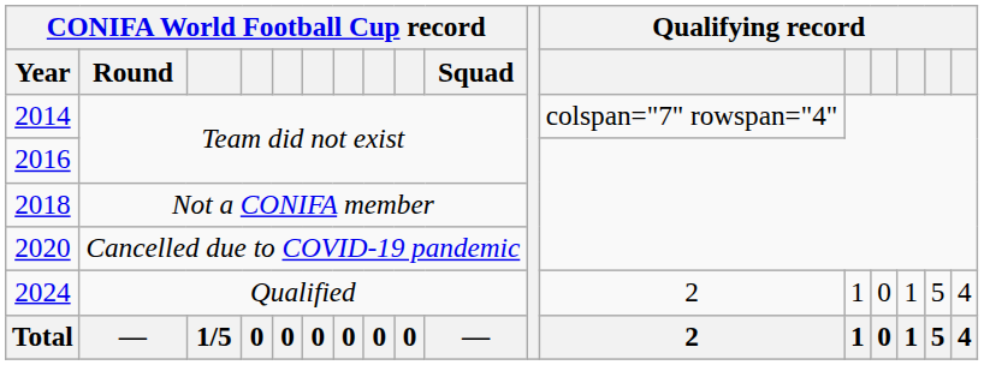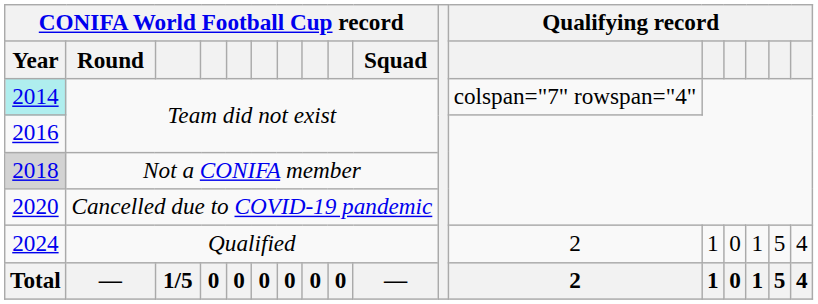 <table class="wikitable" style="text-align: center;">
 <tr>
 <th colspan="10"><a href='#'>CONIFA World Football Cup</a> record</th>
 <th rowspan="8"></th>
 <th colspan="6">Qualifying record</th>
 </tr>
 <tr>
 <th>Year</th>
 <th>Round</th>
 <th></th>
 <th></th>
 <th></th>
 <th></th>
 <th></th>
 <th></th>
 <th></th>
 <th>Squad</th>
 <th></th>
 <th></th>
 <th></th>
 <th></th>
 <th></th>
 <th></th>
 </tr>
 <tr>
-<td> <a href='#'>2014</a></td>
+<td style="background: paleturquoise;"> <a href='#'>2014</a></td>
 <td rowspan="2" colspan="9"><em>Team did not exist</em></td>
 <td>colspan="7" rowspan="4" </td>
 </tr>
 <tr>
 <td> <a href='#'>2016</a></td>
 </tr>
 <tr>
-<td> <a href='#'>2018</a></td>
+<td style="background: lightgrey;"> <a href='#'>2018</a></td>
 <td colspan="9"><em>Not a <a href='#'>CONIFA</a> member</em></td>
 </tr>
 <tr>
 <td> <a href='#'>2020</a></td>
 <td colspan="9"><em>Cancelled due to <a href='#'>COVID-19 pandemic</a></em></td>
 </tr>
 <tr>
 <td> <a href='#'>2024</a></td>
 <td colspan="9"><em>Qualified</em></td>
 <td>2</td>
 <td>1</td>
 <td>0</td>
 <td>1</td>
 <td>5</td>
 <td>4</td>
 </tr>
 <tr>
 <th>Total</th>
 <th>—</th>
 <th>1/5</th>
 <th>0</th>
 <th>0</th>
 <th>0</th>
 <th>0</th>
 <th>0</th>
 <th>0</th>
 <th>—</th>
 <th>2</th>
 <th>1</th>
 <th>0</th>
 <th>1</th>
 <th>5</th>
 <th>4</th>
 </tr>
 </table>
